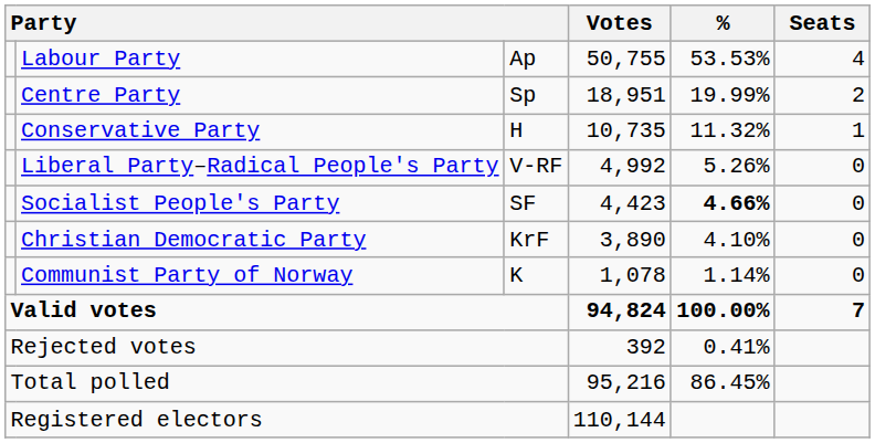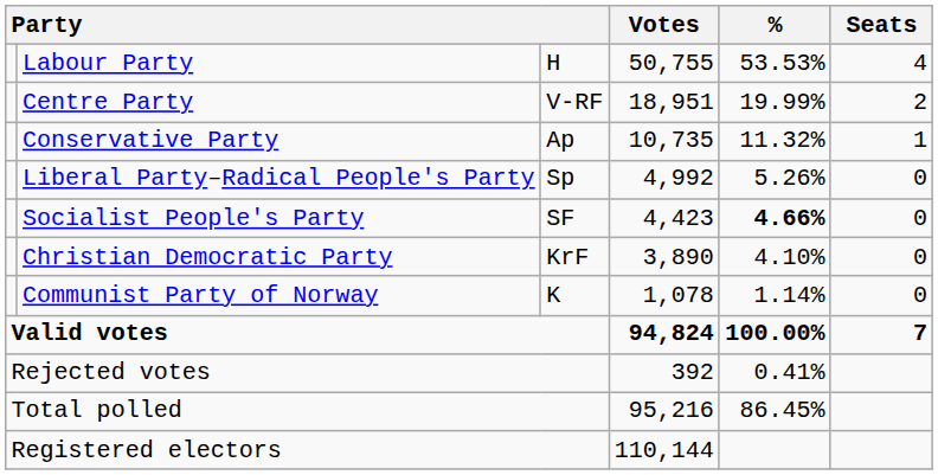 <table class="wikitable" border="1" style="text-align:right;">
 <tr>
 <th style="text-align:left;" colspan=3>Party</th>
 <th align=center width="50">Votes</th>
 <th align=center width="50">%</th>
 <th align=center width="50">Seats</th>
 </tr>
 <tr>
 <td style="color:inherit;background:"></td>
 <td align=left><a href='#'>Labour Party</a></td>
-<td align=left>Ap</td>
+<td align=left>H</td>
 <td>50,755</td>
 <td>53.53%</td>
 <td>4</td>
 </tr>
 <tr>
 <td style="color:inherit;background:"></td>
 <td align=left><a href='#'>Centre Party</a></td>
-<td align=left>Sp</td>
+<td align=left>V-RF</td>
 <td>18,951</td>
 <td>19.99%</td>
 <td>2</td>
 </tr>
 <tr>
 <td style="color:inherit;background:"></td>
 <td align=left><a href='#'>Conservative Party</a></td>
-<td align=left>H</td>
+<td align=left>Ap</td>
 <td>10,735</td>
 <td>11.32%</td>
 <td>1</td>
 </tr>
 <tr>
 <td></td>
 <td align=left><a href='#'>Liberal Party</a>–<a href='#'>Radical People's Party</a></td>
-<td align=left>V-RF</td>
+<td align=left>Sp</td>
 <td>4,992</td>
 <td>5.26%</td>
 <td>0</td>
 </tr>
 <tr>
 <td style="color:inherit;background:"></td>
 <td align=left><a href='#'>Socialist People's Party</a></td>
 <td align=left>SF</td>
 <td>4,423</td>
 <td><strong>4.66%</strong></td>
 <td>0</td>
 </tr>
 <tr>
 <td style="color:inherit;background:"></td>
 <td align=left><a href='#'>Christian Democratic Party</a></td>
 <td align=left>KrF</td>
 <td>3,890</td>
 <td>4.10%</td>
 <td>0</td>
 </tr>
 <tr>
 <td style="color:inherit;background:"></td>
 <td align=left><a href='#'>Communist Party of Norway</a></td>
 <td align=left>K</td>
 <td>1,078</td>
 <td>1.14%</td>
 <td>0</td>
 </tr>
 <tr style="font-weight:bold">
 <td align=left colspan=3>Valid votes</td>
 <td>94,824</td>
 <td>100.00%</td>
 <td>7</td>
 </tr>
 <tr>
 <td align=left colspan=3>Rejected votes</td>
 <td>392</td>
 <td>0.41%</td>
 <td></td>
 </tr>
 <tr>
 <td align=left colspan=3>Total polled</td>
 <td>95,216</td>
 <td>86.45%</td>
 <td></td>
 </tr>
 <tr>
 <td align=left colspan=3>Registered electors</td>
 <td>110,144</td>
 <td></td>
 <td></td>
 </tr>
 </table>
